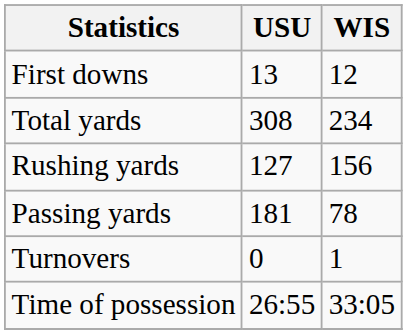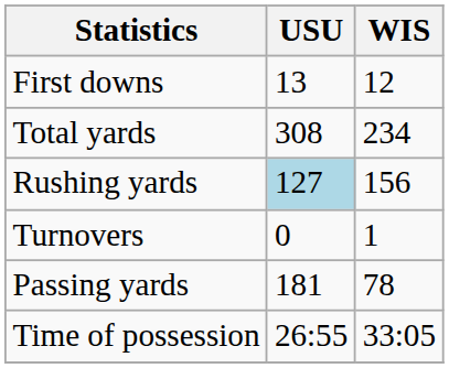 <table class="wikitable" style="float: left;">
 <tr>
 <th>Statistics</th>
 <th>USU</th>
 <th>WIS</th>
 </tr>
 <tr>
 <td>First downs</td>
 <td>13</td>
 <td>12</td>
 </tr>
 <tr>
 <td>Total yards</td>
 <td>308</td>
 <td>234</td>
 </tr>
 <tr>
 <td>Rushing yards</td>
-<td>127</td>
+<td style="background: lightblue;">127</td>
 <td>156</td>
+</tr>
+<tr>
+<td>Turnovers</td>
+<td>0</td>
+<td>1</td>
 </tr>
 <tr>
 <td>Passing yards</td>
 <td>181</td>
 <td>78</td>
-</tr>
-<tr>
-<td>Turnovers</td>
-<td>0</td>
-<td>1</td>
 </tr>
 <tr>
 <td>Time of possession</td>
 <td>26:55</td>
 <td>33:05</td>
 </tr>
 <tr>
 </tr>
 </table>
